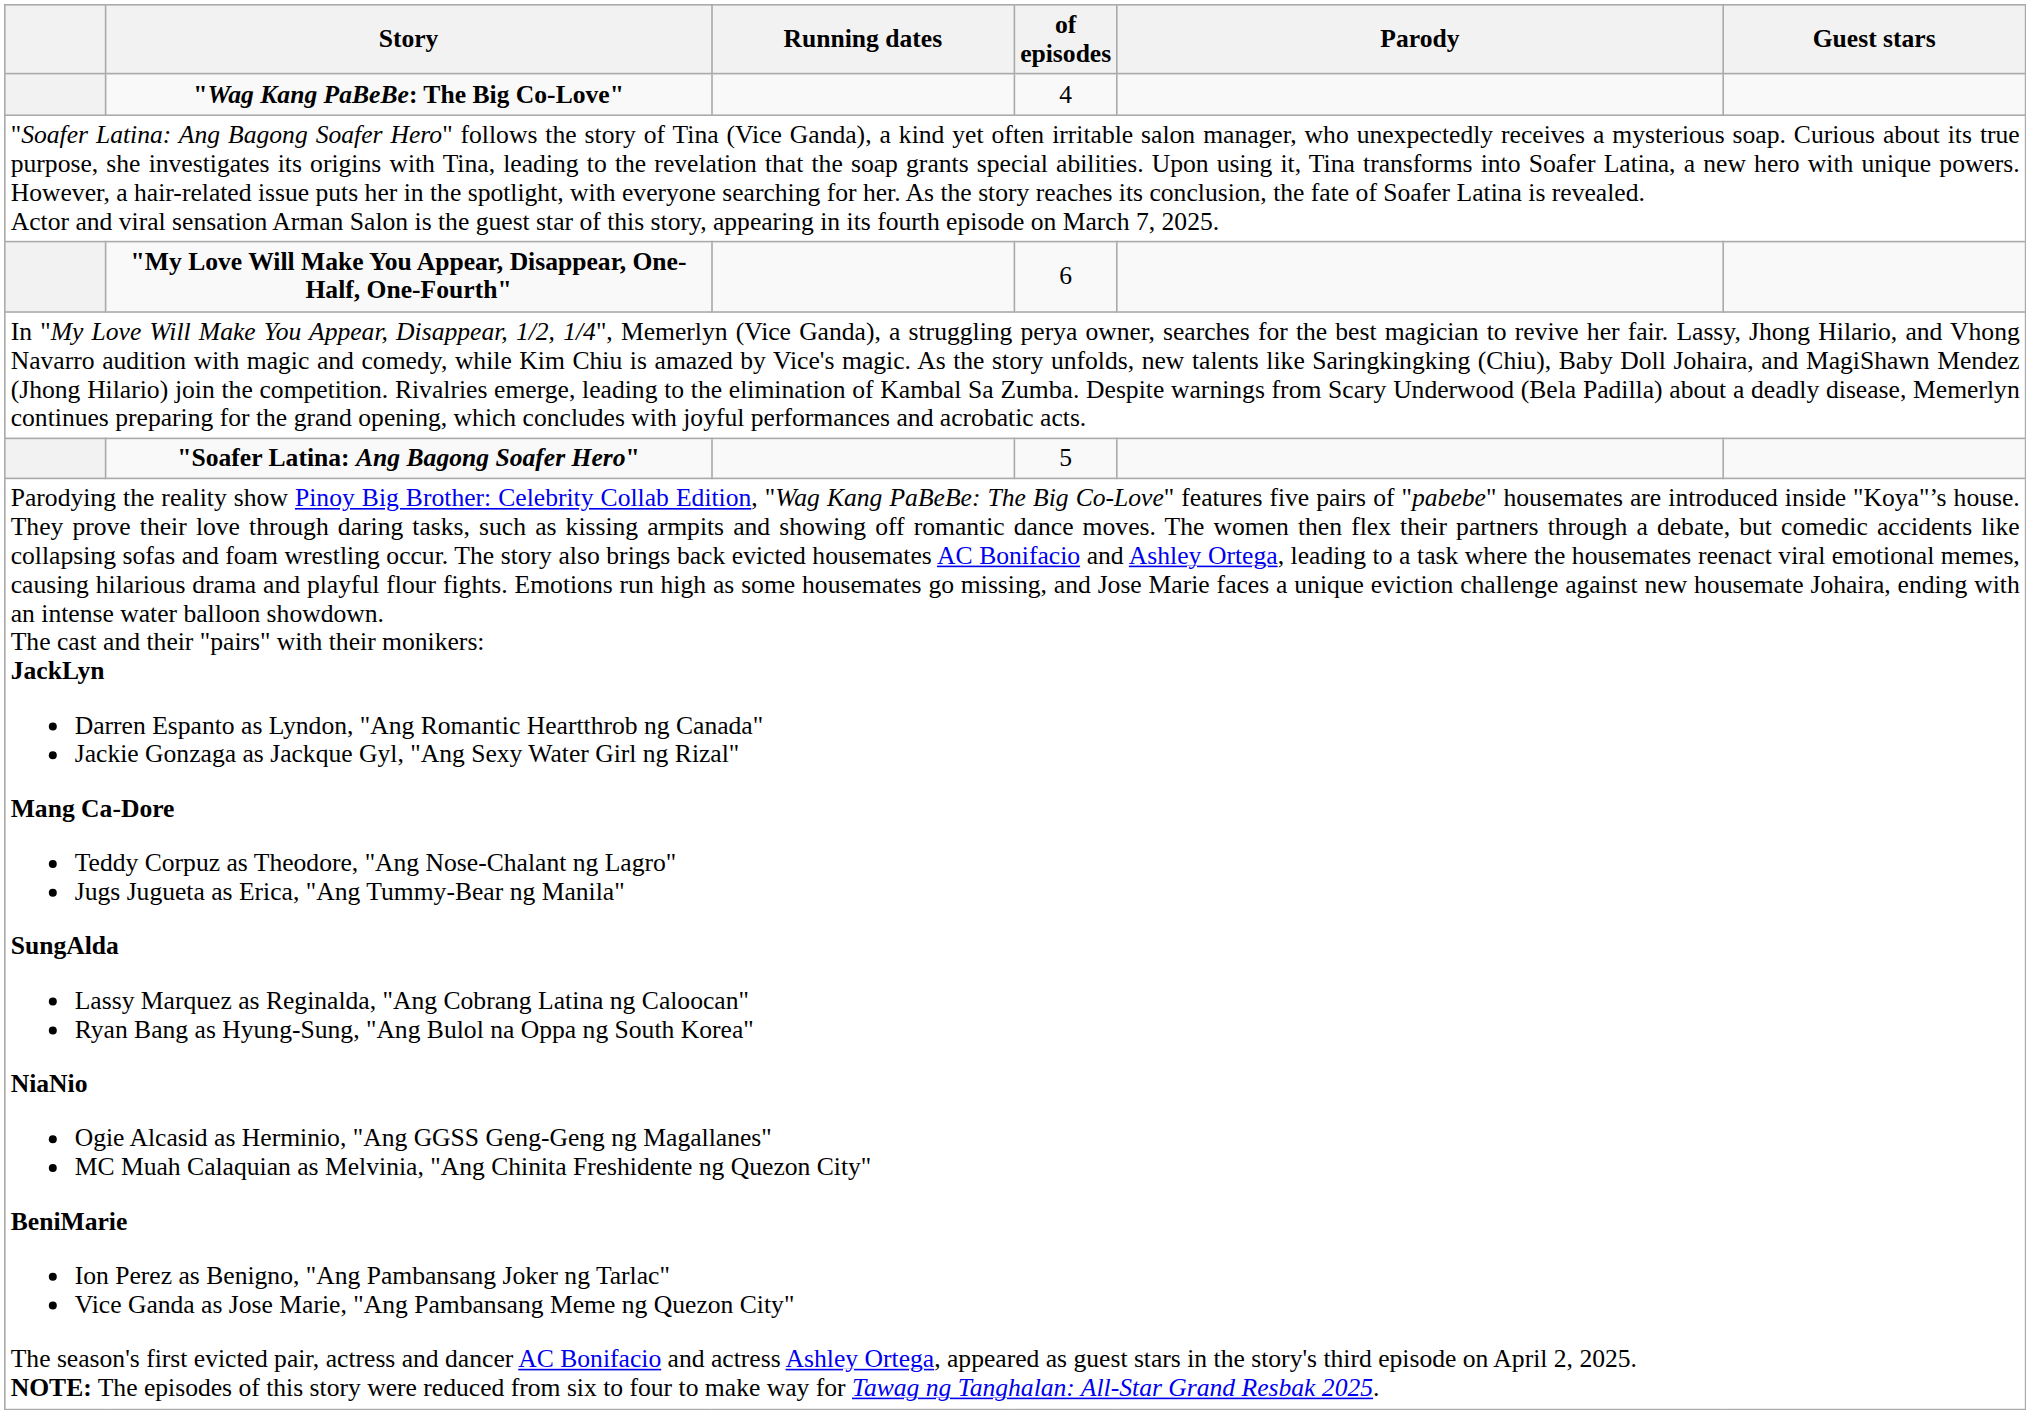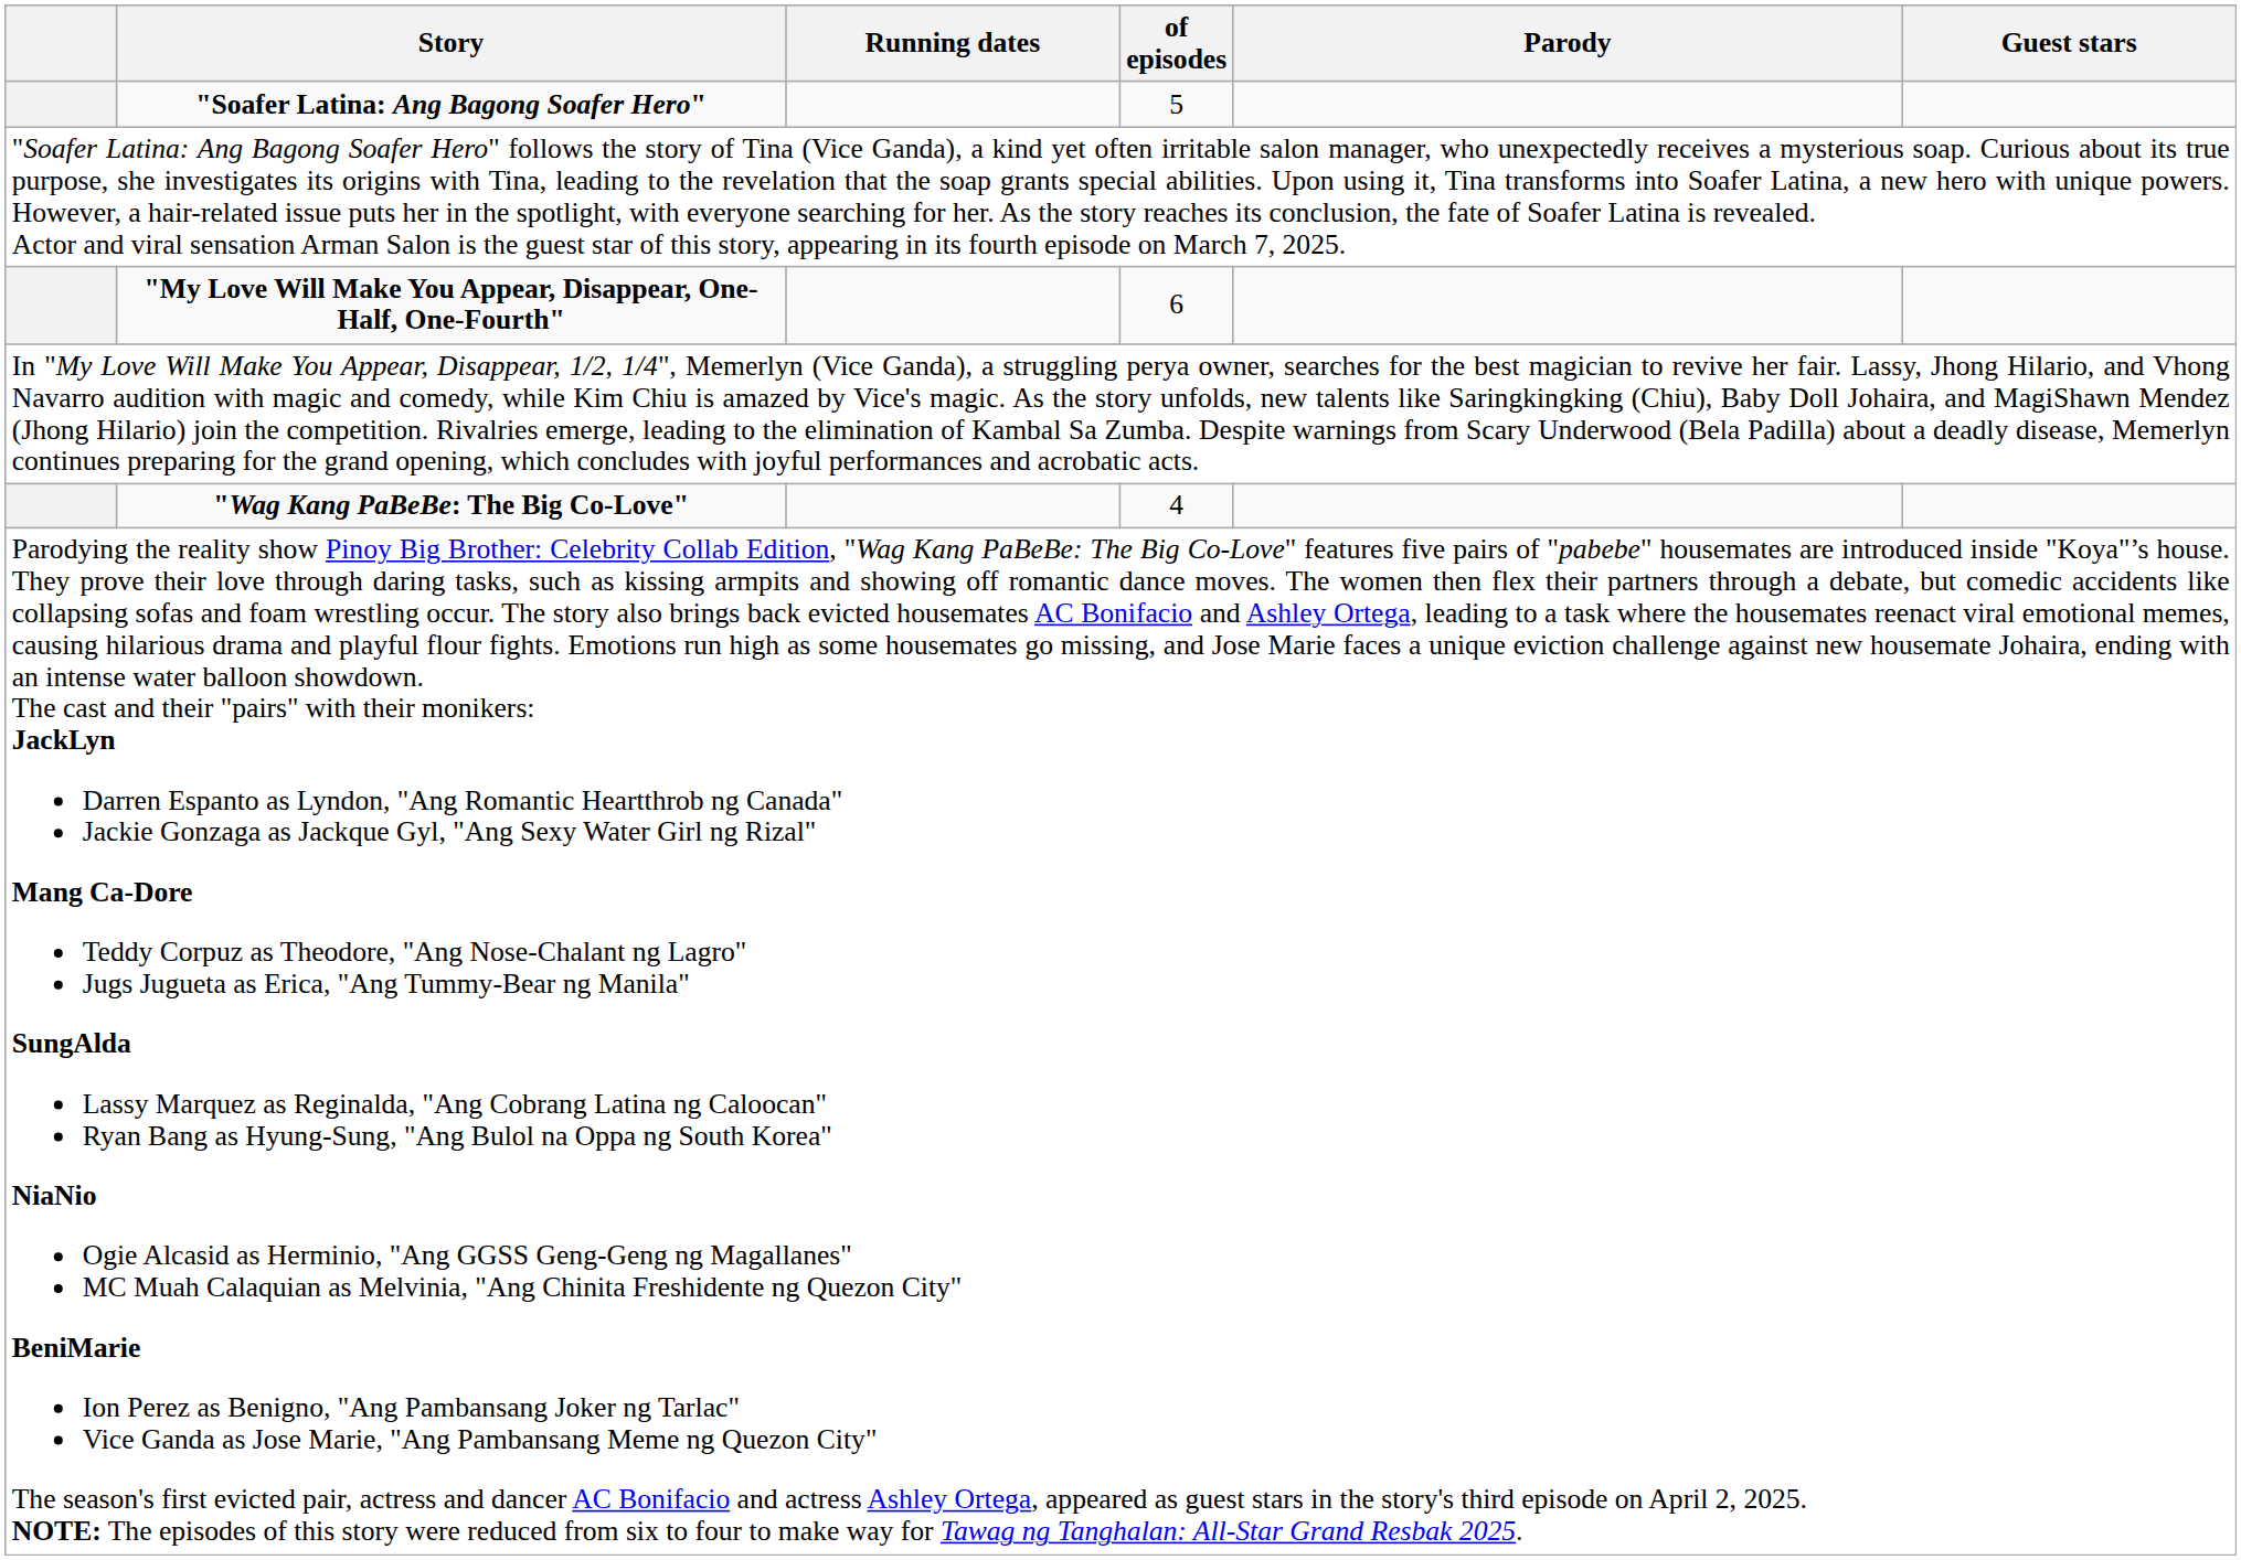 <table class="wikitable collapsible collapsed" style="text-align:center;" width="100%">
 <tr>
 <th width="05%"></th>
 <th width="30%">Story</th>
 <th width="15%">Running dates</th>
 <th width="05%"> of episodes</th>
 <th width="30%">Parody</th>
 <th width="15%">Guest stars</th>
 </tr>
 <tr>
 <th></th>
-<td><strong>"<em>Wag Kang PaBeBe</em>: The Big Co-Love"</strong><br></td>
+<td><strong>"Soafer Latina: <em>Ang Bagong Soafer Hero</em>"</strong><br></td>
 <td></td>
-<td>4</td>
+<td>5</td>
 <td></td>
 <td></td>
 </tr>
 <tr>
 <td colspan="6" align="justify" style="background:white;">"<em>Soafer Latina: Ang Bagong Soafer Hero</em>" follows the story of Tina (Vice Ganda), a kind yet often irritable salon manager, who unexpectedly receives a mysterious soap. Curious about its true purpose, she investigates its origins with Tina, leading to the revelation that the soap grants special abilities. Upon using it, Tina transforms into Soafer Latina, a new hero with unique powers. However, a hair-related issue puts her in the spotlight, with everyone searching for her. As the story reaches its conclusion, the fate of Soafer Latina is revealed.<br>Actor and viral sensation Arman Salon is the guest star of this story, appearing in its fourth episode on March 7, 2025.</td>
 </tr>
 <tr>
 <th></th>
 <td><strong>"My Love Will Make You Appear, Disappear, One-Half, One-Fourth"</strong></td>
 <td></td>
 <td>6</td>
 <td></td>
 <td></td>
 </tr>
 <tr>
 <td colspan="6" align="justify" style="background:white;">In "<em>My Love Will Make You Appear, Disappear, 1/2, 1/4</em>", Memerlyn (Vice Ganda), a struggling perya owner, searches for the best magician to revive her fair. Lassy, Jhong Hilario, and Vhong Navarro audition with magic and comedy, while Kim Chiu is amazed by Vice's magic. As the story unfolds, new talents like Saringkingking (Chiu), Baby Doll Johaira, and MagiShawn Mendez (Jhong Hilario) join the competition. Rivalries emerge, leading to the elimination of Kambal Sa Zumba. Despite warnings from Scary Underwood (Bela Padilla) about a deadly disease, Memerlyn continues preparing for the grand opening, which concludes with joyful performances and acrobatic acts.</td>
 </tr>
 <tr>
 <th></th>
-<td><strong>"Soafer Latina: <em>Ang Bagong Soafer Hero</em>"</strong><br></td>
+<td><strong>"<em>Wag Kang PaBeBe</em>: The Big Co-Love"</strong><br></td>
 <td></td>
-<td>5</td>
+<td>4</td>
 <td></td>
 <td></td>
 </tr>
 <tr>
 <td colspan="6" align="justify" style="background:white;">Parodying the reality show <a href='#'>Pinoy Big Brother: Celebrity Collab Edition</a>, "<em>Wag Kang PaBeBe: The Big Co-Love</em>" features five pairs of "<em>pabebe</em>" housemates are introduced inside "Koya"’s house. They prove their love through daring tasks, such as kissing armpits and showing off romantic dance moves. The women then flex their partners through a debate, but comedic accidents like collapsing sofas and foam wrestling occur. The story also brings back evicted housemates <a href='#'>AC Bonifacio</a> and <a href='#'>Ashley Ortega</a>, leading to a task where the housemates reenact viral emotional memes, causing hilarious drama and playful flour fights. Emotions run high as some housemates go missing, and Jose Marie faces a unique eviction challenge against new housemate Johaira, ending with an intense water balloon showdown.<br>The cast and their "pairs" with their monikers: <br><strong>JackLyn</strong><ul><li>Darren Espanto as Lyndon, "Ang Romantic Heartthrob ng Canada"</li><li>Jackie Gonzaga as Jackque Gyl, "Ang Sexy Water Girl ng Rizal"</li></ul><strong>Mang Ca-Dore</strong><ul><li>Teddy Corpuz as Theodore, "Ang Nose-Chalant ng Lagro"</li><li>Jugs Jugueta as Erica, "Ang Tummy-Bear ng Manila"</li></ul><strong>SungAlda</strong><ul><li>Lassy Marquez as Reginalda, "Ang Cobrang Latina ng Caloocan"</li><li>Ryan Bang as Hyung-Sung, "Ang Bulol na Oppa ng South Korea"</li></ul><strong>NiaNio</strong><ul><li>Ogie Alcasid as Herminio, "Ang GGSS Geng-Geng ng Magallanes"</li><li>MC Muah Calaquian as Melvinia, "Ang Chinita Freshidente ng Quezon City"</li></ul><strong>BeniMarie</strong><ul><li>Ion Perez as Benigno, "Ang Pambansang Joker ng Tarlac"</li><li>Vice Ganda as Jose Marie, "Ang Pambansang Meme ng Quezon City"</li></ul>The season's first evicted pair, actress and dancer <a href='#'>AC Bonifacio</a> and actress <a href='#'>Ashley Ortega</a>, appeared as guest stars in the story's third episode on April 2, 2025.<br><strong>NOTE:</strong> The episodes of this story were reduced from six to four to make way for  <em><a href='#'>Tawag ng Tanghalan: All-Star Grand Resbak 2025</a></em>.</td>
 </tr>
 </table>
